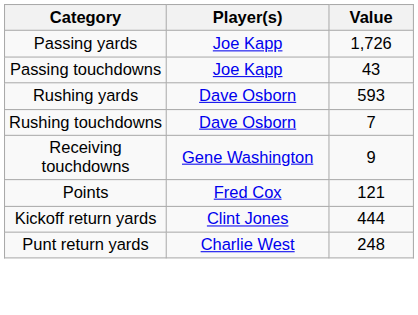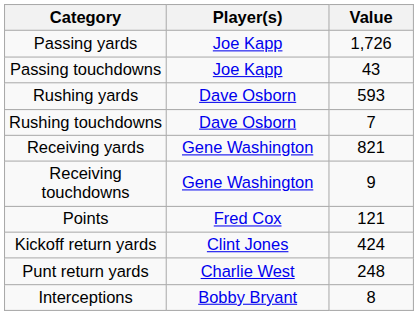 <table class="wikitable" style="text-align:center">
 <tr>
 <th width="150">Category</th>
 <th width="150">Player(s)</th>
 <th width="75">Value</th>
 </tr>
 <tr>
 <td>Passing yards</td>
 <td><a href='#'>Joe Kapp</a></td>
 <td>1,726</td>
 </tr>
 <tr>
 <td>Passing touchdowns</td>
 <td><a href='#'>Joe Kapp</a></td>
 <td>43</td>
 </tr>
 <tr>
 <td>Rushing yards</td>
 <td><a href='#'>Dave Osborn</a></td>
 <td>593</td>
 </tr>
 <tr>
 <td>Rushing touchdowns</td>
 <td><a href='#'>Dave Osborn</a></td>
 <td>7</td>
 </tr>
 <tr>
+<td>Receiving yards</td>
+<td><a href='#'>Gene Washington</a></td>
+<td>821</td>
+</tr>
+<tr>
 <td>Receiving touchdowns</td>
 <td><a href='#'>Gene Washington</a></td>
 <td>9</td>
 </tr>
 <tr>
 <td>Points</td>
 <td><a href='#'>Fred Cox</a></td>
 <td>121</td>
 </tr>
 <tr>
 <td>Kickoff return yards</td>
 <td><a href='#'>Clint Jones</a></td>
-<td>444</td>
+<td>424</td>
 </tr>
 <tr>
 <td>Punt return yards</td>
 <td><a href='#'>Charlie West</a></td>
 <td>248</td>
 </tr>
+<tr>
+<td>Interceptions</td>
+<td><a href='#'>Bobby Bryant</a></td>
+<td>8</td>
+</tr>
 </table>
